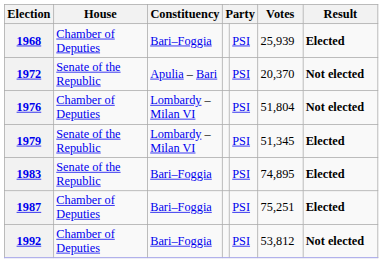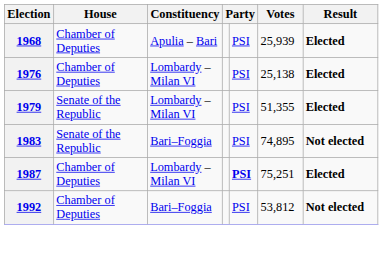 <table class=wikitable style="width:55%; border:1px #AAAAFF solid">
 <tr>
 <th width=12%>Election</th>
 <th width=25%>House</th>
 <th width=20%>Constituency</th>
 <th width=5% colspan="2">Party</th>
 <th width=12%>Votes</th>
 <th width=20%>Result</th>
 </tr>
 <tr>
 <th><a href='#'>1968</a></th>
 <td><a href='#'>Chamber of Deputies</a></td>
-<td><a href='#'>Bari–Foggia</a></td>
+<td><a href='#'>Apulia</a> – <a href='#'>Bari</a></td>
 <td></td>
 <td><a href='#'>PSI</a></td>
 <td>25,939</td>
 <td> <strong>Elected</strong></td>
-</tr>
-<tr>
-<th><a href='#'>1972</a></th>
-<td><a href='#'>Senate of the Republic</a></td>
-<td><a href='#'>Apulia</a> – <a href='#'>Bari</a></td>
-<td></td>
-<td><a href='#'>PSI</a></td>
-<td>20,370</td>
-<td> <strong>Not elected</strong></td>
 </tr>
 <tr>
 <th><a href='#'>1976</a></th>
 <td><a href='#'>Chamber of Deputies</a></td>
 <td><a href='#'>Lombardy</a> – <a href='#'>Milan VI</a></td>
 <td></td>
 <td><a href='#'>PSI</a></td>
-<td>51,804</td>
-<td> <strong>Not elected</strong></td>
+<td>25,138</td>
+<td> <strong>Elected</strong></td>
 </tr>
 <tr>
 <th><a href='#'>1979</a></th>
 <td><a href='#'>Senate of the Republic</a></td>
 <td><a href='#'>Lombardy</a> – <a href='#'>Milan VI</a></td>
 <td></td>
 <td><a href='#'>PSI</a></td>
-<td>51,345</td>
+<td>51,355</td>
 <td> <strong>Elected</strong></td>
 </tr>
 <tr>
 <th><a href='#'>1983</a></th>
 <td><a href='#'>Senate of the Republic</a></td>
 <td><a href='#'>Bari–Foggia</a></td>
 <td></td>
 <td><a href='#'>PSI</a></td>
 <td>74,895</td>
-<td> <strong>Elected</strong></td>
+<td> <strong>Not elected</strong></td>
 </tr>
 <tr>
 <th><a href='#'>1987</a></th>
 <td><a href='#'>Chamber of Deputies</a></td>
-<td><a href='#'>Bari–Foggia</a></td>
+<td><a href='#'>Lombardy</a> – <a href='#'>Milan VI</a></td>
 <td></td>
-<td><a href='#'>PSI</a></td>
+<td><strong><a href='#'>PSI</a></strong></td>
 <td>75,251</td>
 <td> <strong>Elected</strong></td>
 </tr>
 <tr>
 <th><a href='#'>1992</a></th>
 <td><a href='#'>Chamber of Deputies</a></td>
 <td><a href='#'>Bari–Foggia</a></td>
 <td></td>
 <td><a href='#'>PSI</a></td>
 <td>53,812</td>
 <td> <strong>Not elected</strong></td>
 </tr>
 <tr>
 </tr>
 </table>
